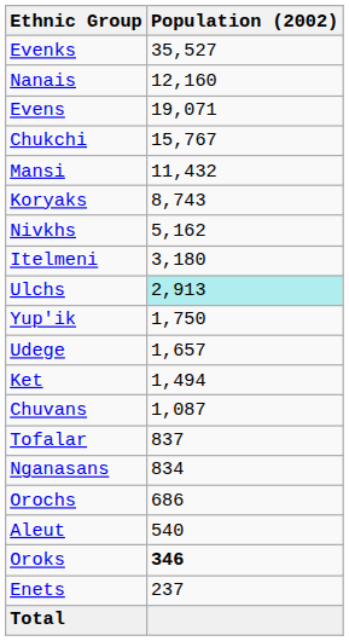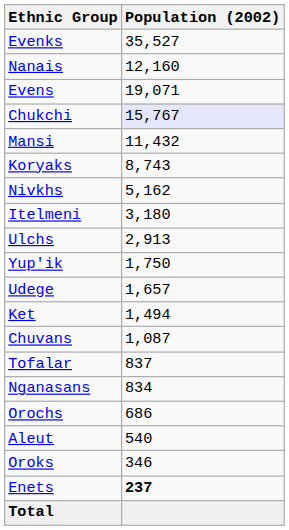 <table class="wikitable sortable">
 <tr>
 <th>Ethnic Group</th>
 <th>Population (2002)</th>
 </tr>
 <tr>
 <td><a href='#'>Evenks</a></td>
 <td>35,527</td>
 </tr>
 <tr>
 <td><a href='#'>Nanais</a></td>
 <td>12,160</td>
 </tr>
 <tr>
 <td><a href='#'>Evens</a></td>
 <td>19,071</td>
 </tr>
 <tr>
 <td><a href='#'>Chukchi</a></td>
-<td>15,767</td>
+<td style="background: lavender;">15,767</td>
 </tr>
 <tr>
 <td><a href='#'>Mansi</a></td>
 <td>11,432</td>
 </tr>
 <tr>
 <td><a href='#'>Koryaks</a></td>
 <td>8,743</td>
 </tr>
 <tr>
 <td><a href='#'>Nivkhs</a></td>
 <td>5,162</td>
 </tr>
 <tr>
 <td><a href='#'>Itelmeni</a></td>
 <td>3,180</td>
 </tr>
 <tr>
 <td><a href='#'>Ulchs</a></td>
-<td style="background: paleturquoise;">2,913</td>
+<td>2,913</td>
 </tr>
 <tr>
 <td><a href='#'>Yup'ik</a></td>
 <td>1,750</td>
 </tr>
 <tr>
 <td><a href='#'>Udege</a></td>
 <td>1,657</td>
 </tr>
 <tr>
 <td><a href='#'>Ket</a></td>
 <td>1,494</td>
 </tr>
 <tr>
 <td><a href='#'>Chuvans</a></td>
 <td>1,087</td>
 </tr>
 <tr>
 <td><a href='#'>Tofalar</a></td>
 <td>837</td>
 </tr>
 <tr>
 <td><a href='#'>Nganasans</a></td>
 <td>834</td>
 </tr>
 <tr>
 <td><a href='#'>Orochs</a></td>
 <td>686</td>
 </tr>
 <tr>
 <td><a href='#'>Aleut</a></td>
 <td>540</td>
 </tr>
 <tr>
 <td><a href='#'>Oroks</a></td>
-<td><strong>346</strong></td>
+<td>346</td>
 </tr>
 <tr>
 <td><a href='#'>Enets</a></td>
-<td>237</td>
+<td><strong>237</strong></td>
 </tr>
 <tr style="background:#f0f0f0; font-weight:bold;" class="sortbottom">
 <td>Total</td>
 <td></td>
 </tr>
 </table>
